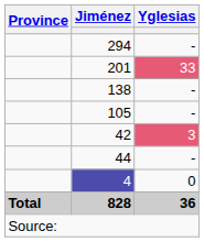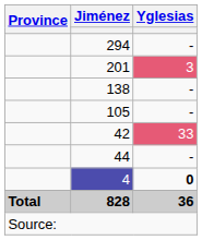 <table class="wikitable sortable" style="text-align:right; font-size:95%">
 <tr>
 <th rowspan=2><a href='#'>Province</a></th>
 <th width=60px><a href='#'>Jiménez</a></th>
 <th width=60px><a href='#'>Yglesias</a></th>
 </tr>
 <tr>
 <th style="background:"></th>
 <th style="background:"></th>
 </tr>
 <tr>
 <td align="left"></td>
 <td style="background:">294</td>
 <td>-</td>
 </tr>
 <tr>
 <td align="left"></td>
 <td style="background:">201</td>
-<td style="background:#e65a76; color:white;">33</td>
+<td style="background:#e65a76; color:white;">3</td>
 </tr>
 <tr>
 <td align="left"></td>
 <td style="background:">138</td>
 <td>-</td>
 </tr>
 <tr>
 <td align="left"></td>
 <td style="background:">105</td>
 <td>-</td>
 </tr>
 <tr>
 <td align="left"></td>
 <td style="background:">42</td>
-<td style="background:#e65a76; color:white;">3</td>
+<td style="background:#e65a76; color:white;">33</td>
 </tr>
 <tr>
 <td align="left"></td>
 <td style="background:">44</td>
 <td>-</td>
 </tr>
 <tr>
 <td align="left"></td>
 <td style="background:#4c4cad; color:white;">4</td>
-<td style="background:">0</td>
+<td style="background:"><strong>0</strong></td>
 </tr>
 <tr style="background:#CDCDCD;" class=sortbottom>
 <td align="left"><strong>Total</strong></td>
 <td style="background:"><strong>828</strong></td>
 <td><strong>36</strong></td>
 </tr>
 <tr class=sortbottom>
 <td align=left colspan=11>Source: </td>
 </tr>
 </table>
